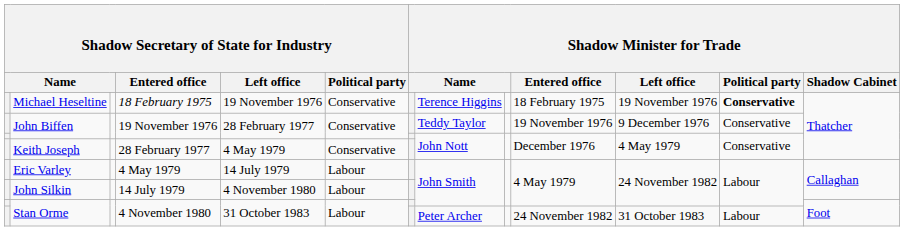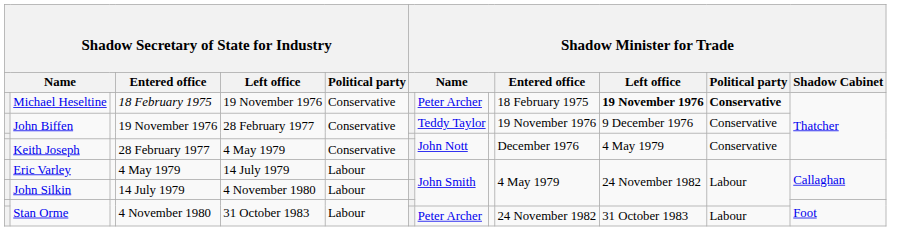 <table class="wikitable">
 <tr>
 <th colspan=6><br><h3>Shadow Secretary of State for Industry</h3></th>
 <th colspan=7><br><h3>Shadow Minister for Trade</h3></th>
 </tr>
 <tr>
 <th colspan=3>Name</th>
 <th>Entered office</th>
 <th>Left office</th>
 <th>Political party</th>
 <th colspan=3>Name</th>
 <th>Entered office</th>
 <th>Left office</th>
 <th>Political party</th>
 <th>Shadow Cabinet</th>
 </tr>
 <tr>
 <th style="background-color: "></th>
 <td><a href='#'>Michael Heseltine</a></td>
 <td></td>
 <td><em>18 February 1975</em></td>
 <td>19 November 1976</td>
 <td>Conservative</td>
 <th style="background-color: "></th>
-<td><a href='#'>Terence Higgins</a></td>
+<td><a href='#'>Peter Archer</a></td>
 <td></td>
 <td>18 February 1975</td>
-<td>19 November 1976</td>
+<td><strong>19 November 1976</strong></td>
 <td><strong>Conservative</strong></td>
 <td rowspan=4 ><a href='#'>Thatcher</a></td>
 </tr>
 <tr>
 <th style="background-color: "></th>
 <td rowspan=2><a href='#'>John Biffen</a></td>
 <td rowspan=2></td>
 <td rowspan=2>19 November 1976</td>
 <td rowspan=2>28 February 1977</td>
 <td rowspan=2>Conservative</td>
 <th style="background-color: "></th>
 <td><a href='#'>Teddy Taylor</a></td>
 <td></td>
 <td>19 November 1976</td>
 <td>9 December 1976</td>
 <td>Conservative</td>
 </tr>
 <tr>
 <th style="background-color: "></th>
 <th style="background-color: "></th>
 <td rowspan=2><a href='#'>John Nott</a></td>
 <td rowspan=2></td>
 <td rowspan=2>December 1976</td>
 <td rowspan=2>4 May 1979</td>
 <td rowspan=2>Conservative</td>
 </tr>
 <tr>
 <th style="background-color: "></th>
 <td><a href='#'>Keith Joseph</a></td>
 <td></td>
 <td>28 February 1977</td>
 <td>4 May 1979</td>
 <td>Conservative</td>
 <th style="background-color: "></th>
 </tr>
 <tr>
 <th style="background-color: "></th>
 <td><a href='#'>Eric Varley</a></td>
 <td></td>
 <td>4 May 1979</td>
 <td>14 July 1979</td>
 <td>Labour</td>
 <th style="background-color: "></th>
 <td rowspan=3><a href='#'>John Smith</a></td>
 <td rowspan=3></td>
 <td rowspan=3>4 May 1979</td>
 <td rowspan=3>24 November 1982</td>
 <td rowspan=3>Labour</td>
 <td rowspan=2 ><a href='#'>Callaghan</a></td>
 </tr>
 <tr>
 <th style="background-color: "></th>
 <td><a href='#'>John Silkin</a></td>
 <td></td>
 <td>14 July 1979</td>
 <td>4 November 1980</td>
 <td>Labour</td>
 <th style="background-color: "></th>
 </tr>
 <tr>
 <th style="background-color: "></th>
 <td rowspan=2><a href='#'>Stan Orme</a></td>
 <td rowspan=2></td>
 <td rowspan=2>4 November 1980</td>
 <td rowspan=2>31 October 1983</td>
 <td rowspan=2>Labour</td>
 <th style="background-color: "></th>
 <td rowspan=2 ><a href='#'>Foot</a></td>
 </tr>
 <tr>
 <th style="background-color: "></th>
 <th style="background-color: "></th>
 <td><a href='#'>Peter Archer</a></td>
 <td></td>
 <td>24 November 1982</td>
 <td>31 October 1983</td>
 <td>Labour</td>
 </tr>
 </table>
